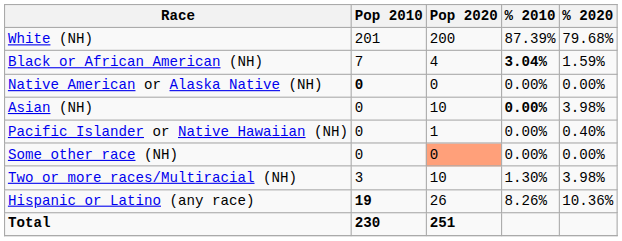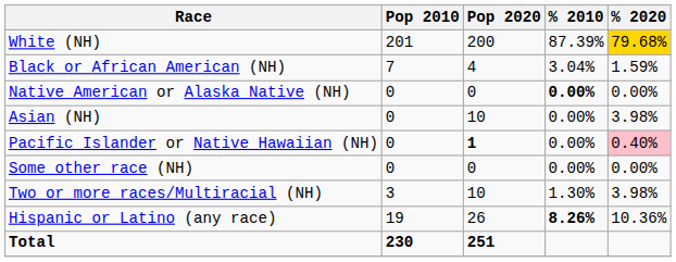 <table class="wikitable">
 <tr>
 <th>Race</th>
 <th>Pop 2010</th>
 <th>Pop 2020</th>
 <th>% 2010</th>
 <th>% 2020</th>
 </tr>
 <tr>
 <td><a href='#'>White</a> (NH)</td>
 <td>201</td>
 <td>200</td>
 <td>87.39%</td>
-<td>79.68%</td>
+<td style="background: gold;">79.68%</td>
 </tr>
 <tr>
 <td><a href='#'>Black or African American</a> (NH)</td>
 <td>7</td>
 <td>4</td>
-<td><strong>3.04%</strong></td>
+<td>3.04%</td>
 <td>1.59%</td>
 </tr>
 <tr>
 <td><a href='#'>Native American</a> or <a href='#'>Alaska Native</a> (NH)</td>
-<td><strong>0</strong></td>
 <td>0</td>
-<td>0.00%</td>
+<td>0</td>
+<td><strong>0.00%</strong></td>
 <td>0.00%</td>
 </tr>
 <tr>
 <td><a href='#'>Asian</a> (NH)</td>
 <td>0</td>
 <td>10</td>
-<td><strong>0.00%</strong></td>
+<td>0.00%</td>
 <td>3.98%</td>
 </tr>
 <tr>
 <td><a href='#'>Pacific Islander</a> or <a href='#'>Native Hawaiian</a> (NH)</td>
 <td>0</td>
-<td>1</td>
+<td><strong>1</strong></td>
 <td>0.00%</td>
-<td>0.40%</td>
+<td style="background: pink;">0.40%</td>
 </tr>
 <tr>
 <td><a href='#'>Some other race</a> (NH)</td>
 <td>0</td>
-<td style="background: lightsalmon;">0</td>
+<td>0</td>
 <td>0.00%</td>
 <td>0.00%</td>
 </tr>
 <tr>
 <td><a href='#'>Two or more races/Multiracial</a> (NH)</td>
 <td>3</td>
 <td>10</td>
 <td>1.30%</td>
 <td>3.98%</td>
 </tr>
 <tr>
 <td><a href='#'>Hispanic or Latino</a> (any race)</td>
-<td><strong>19</strong></td>
+<td>19</td>
 <td>26</td>
-<td>8.26%</td>
+<td><strong>8.26%</strong></td>
 <td>10.36%</td>
 </tr>
 <tr>
 <td><strong>Total</strong></td>
 <td><strong>230</strong></td>
 <td><strong>251</strong></td>
 <td></td>
 <td></td>
 </tr>
 <tr>
 </tr>
 </table>
